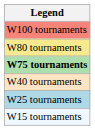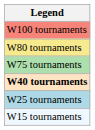 <table class="wikitable" style=font-size:85%>
 <tr>
 <th>Legend</th>
 </tr>
 <tr style="background:#f88379;">
 <td>W100 tournaments</td>
 </tr>
 <tr style="background:#f7e98e;">
 <td>W80 tournaments</td>
 </tr>
 <tr style="background:#addfad;">
-<td><strong>W75 tournaments</strong></td>
+<td>W75 tournaments</td>
 </tr>
 <tr style=background:#ffe4c4>
-<td>W40 tournaments</td>
+<td><strong>W40 tournaments</strong></td>
 </tr>
 <tr style=background:lightblue>
 <td>W25 tournaments</td>
 </tr>
 <tr style=background:#f0f8ff>
 <td>W15 tournaments</td>
 </tr>
 </table>
